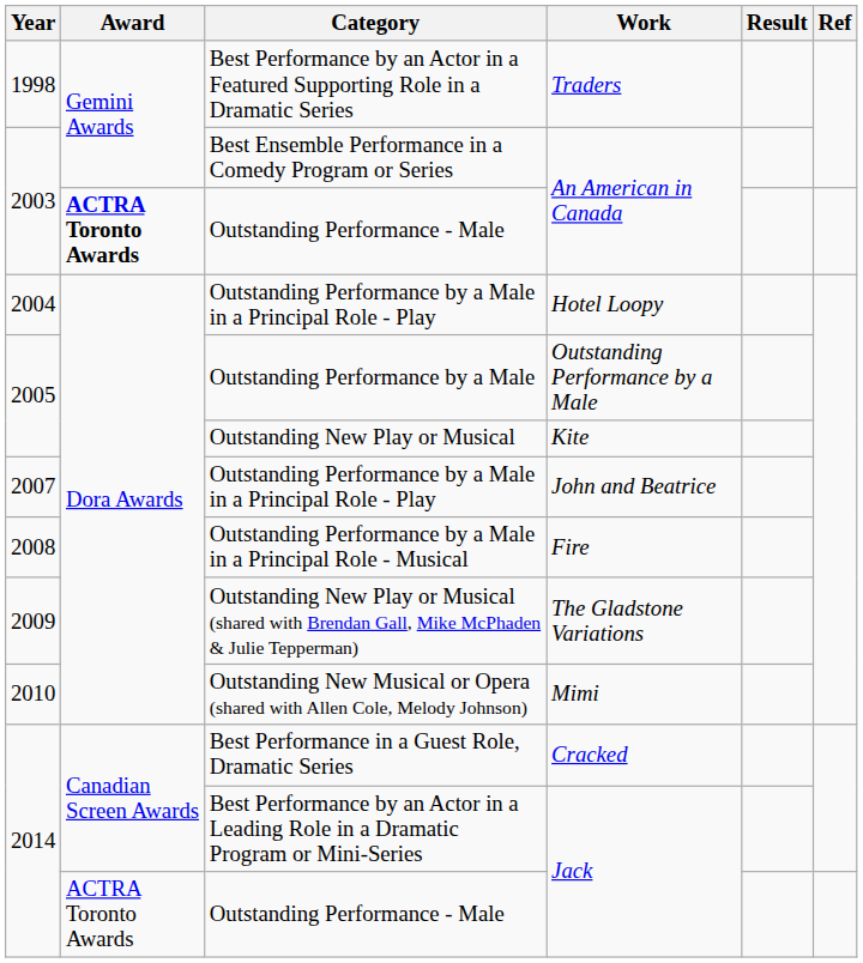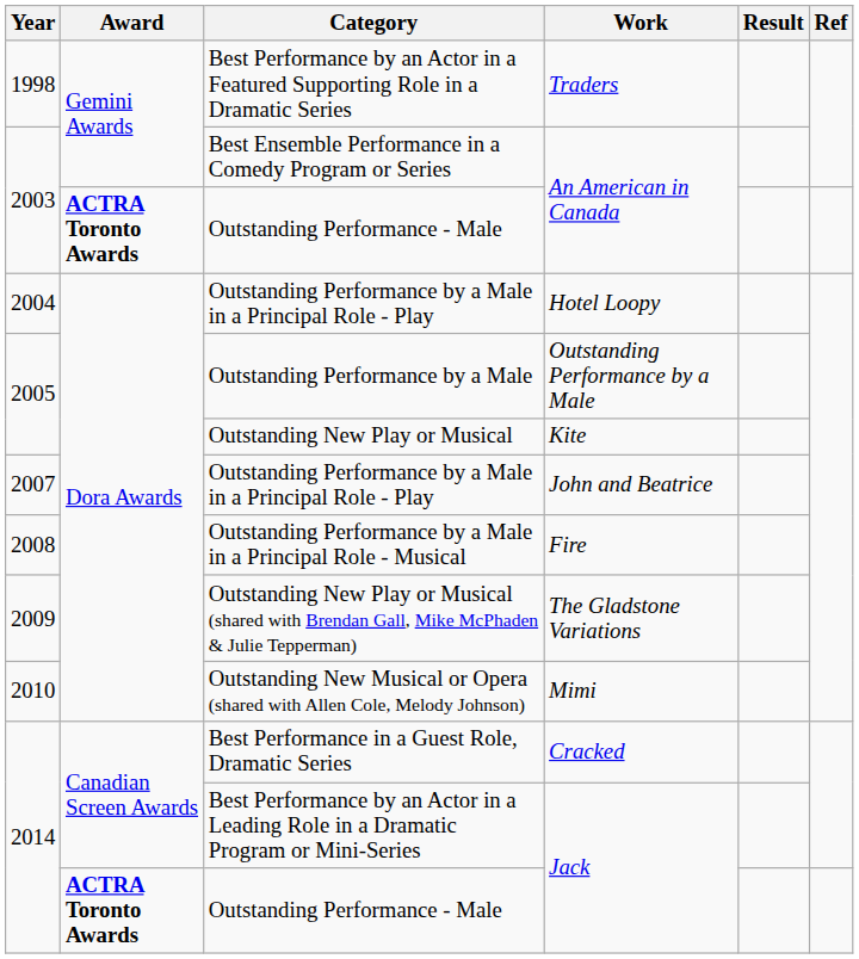 <table class="wikitable">
 <tr>
 <th>Year</th>
 <th>Award</th>
 <th>Category</th>
 <th>Work</th>
 <th>Result</th>
 <th>Ref</th>
 </tr>
 <tr>
 <td>1998</td>
 <td rowspan="2"><a href='#'>Gemini Awards</a></td>
 <td>Best Performance by an Actor in a Featured Supporting Role in a Dramatic Series</td>
 <td><em><a href='#'>Traders</a></em></td>
 <td></td>
 <td rowspan="2" style="text-align:center;"></td>
 </tr>
 <tr>
 <td rowspan="2">2003</td>
 <td>Best Ensemble Performance in a Comedy Program or Series</td>
 <td rowspan="2"><em><a href='#'>An American in Canada</a></em></td>
 <td></td>
 </tr>
 <tr>
 <td><strong><a href='#'>ACTRA</a> Toronto Awards</strong></td>
 <td>Outstanding Performance - Male</td>
 <td></td>
 <td style="text-align:center;"></td>
 </tr>
 <tr>
 <td>2004</td>
 <td rowspan="7"><a href='#'>Dora Awards</a></td>
 <td>Outstanding Performance by a Male in a Principal Role - Play</td>
 <td><em>Hotel Loopy</em></td>
 <td></td>
 <td rowspan="7"style="text-align:center;"></td>
 </tr>
 <tr>
 <td rowspan="2">2005</td>
 <td>Outstanding Performance by a Male</td>
 <td><em>Outstanding Performance by a Male</em></td>
 <td></td>
 </tr>
 <tr>
 <td>Outstanding New Play or Musical</td>
 <td><em>Kite</em></td>
 <td></td>
 </tr>
 <tr>
 <td>2007</td>
 <td>Outstanding Performance by a Male in a Principal Role - Play</td>
 <td><em>John and Beatrice</em></td>
 <td></td>
 </tr>
 <tr>
 <td>2008</td>
 <td>Outstanding Performance by a Male in a Principal Role - Musical</td>
 <td><em>Fire</em></td>
 <td></td>
 </tr>
 <tr>
 <td>2009</td>
 <td>Outstanding New Play or Musical <small>(shared with <a href='#'>Brendan Gall</a>, <a href='#'>Mike McPhaden</a> & Julie Tepperman)</small></td>
 <td><em>The Gladstone Variations</em></td>
 <td></td>
 </tr>
 <tr>
 <td>2010</td>
 <td>Outstanding New Musical or Opera <small>(shared with Allen Cole, Melody Johnson)</small></td>
 <td><em>Mimi</em></td>
 <td></td>
 </tr>
 <tr>
 <td rowspan="3">2014</td>
 <td rowspan="2"><a href='#'>Canadian Screen Awards</a></td>
 <td>Best Performance in a Guest Role, Dramatic Series</td>
 <td><em><a href='#'>Cracked</a></em></td>
 <td></td>
 <td rowspan="2" style="text-align:center;"></td>
 </tr>
 <tr>
 <td>Best Performance by an Actor in a Leading Role in a Dramatic Program or Mini-Series</td>
 <td rowspan="2"><em><a href='#'>Jack</a></em></td>
 <td></td>
 </tr>
 <tr>
-<td><a href='#'>ACTRA</a> Toronto Awards</td>
+<td><strong><a href='#'>ACTRA</a> Toronto Awards</strong></td>
 <td>Outstanding Performance - Male</td>
 <td></td>
 <td style="text-align:center;"></td>
 </tr>
 </table>
